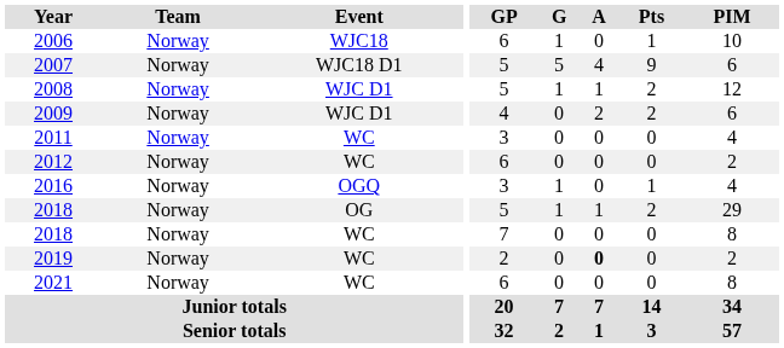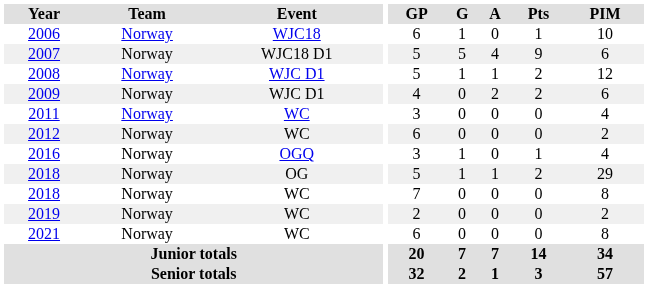 <table border="0" cellpadding="1" cellspacing="0" ID="Table3" style="text-align:center; width:40em">
 <tr ALIGN="center" bgcolor="#e0e0e0">
 <th>Year</th>
 <th>Team</th>
 <th>Event</th>
 <th rowspan="99" bgcolor="#ffffff"></th>
 <th>GP</th>
 <th>G</th>
 <th>A</th>
 <th>Pts</th>
 <th>PIM</th>
 </tr>
 <tr>
 <td><a href='#'>2006</a></td>
 <td><a href='#'>Norway</a></td>
 <td><a href='#'>WJC18</a></td>
 <td>6</td>
 <td>1</td>
 <td>0</td>
 <td>1</td>
 <td>10</td>
 </tr>
 <tr bgcolor="#f0f0f0">
 <td><a href='#'>2007</a></td>
 <td>Norway</td>
 <td>WJC18 D1</td>
 <td>5</td>
 <td>5</td>
 <td>4</td>
 <td>9</td>
 <td>6</td>
 </tr>
 <tr>
 <td><a href='#'>2008</a></td>
 <td><a href='#'>Norway</a></td>
 <td><a href='#'>WJC D1</a></td>
 <td>5</td>
 <td>1</td>
 <td>1</td>
 <td>2</td>
 <td>12</td>
 </tr>
 <tr bgcolor="#f0f0f0">
 <td><a href='#'>2009</a></td>
 <td>Norway</td>
 <td>WJC D1</td>
 <td>4</td>
 <td>0</td>
 <td>2</td>
 <td>2</td>
 <td>6</td>
 </tr>
 <tr>
 <td><a href='#'>2011</a></td>
 <td><a href='#'>Norway</a></td>
 <td><a href='#'>WC</a></td>
 <td>3</td>
 <td>0</td>
 <td>0</td>
 <td>0</td>
 <td>4</td>
 </tr>
 <tr bgcolor="#f0f0f0">
 <td><a href='#'>2012</a></td>
 <td>Norway</td>
 <td>WC</td>
 <td>6</td>
 <td>0</td>
 <td>0</td>
 <td>0</td>
 <td>2</td>
 </tr>
 <tr>
 <td><a href='#'>2016</a></td>
 <td>Norway</td>
 <td><a href='#'>OGQ</a></td>
 <td>3</td>
 <td>1</td>
 <td>0</td>
 <td>1</td>
 <td>4</td>
 </tr>
 <tr bgcolor="#f0f0f0">
 <td><a href='#'>2018</a></td>
 <td>Norway</td>
 <td>OG</td>
 <td>5</td>
 <td>1</td>
 <td>1</td>
 <td>2</td>
 <td>29</td>
 </tr>
 <tr>
 <td><a href='#'>2018</a></td>
 <td>Norway</td>
 <td>WC</td>
 <td>7</td>
 <td>0</td>
 <td>0</td>
 <td>0</td>
 <td>8</td>
 </tr>
 <tr bgcolor="#f0f0f0">
 <td><a href='#'>2019</a></td>
 <td>Norway</td>
 <td>WC</td>
 <td>2</td>
 <td>0</td>
-<td><strong>0</strong></td>
+<td>0</td>
 <td>0</td>
 <td>2</td>
 </tr>
 <tr>
 <td><a href='#'>2021</a></td>
 <td>Norway</td>
 <td>WC</td>
 <td>6</td>
 <td>0</td>
 <td>0</td>
 <td>0</td>
 <td>8</td>
 </tr>
 <tr bgcolor="#e0e0e0">
 <th colspan="3">Junior totals</th>
 <th>20</th>
 <th>7</th>
 <th>7</th>
 <th>14</th>
 <th>34</th>
 </tr>
 <tr bgcolor="#e0e0e0">
 <th colspan="3">Senior totals</th>
 <th>32</th>
 <th>2</th>
 <th>1</th>
 <th>3</th>
 <th>57</th>
 </tr>
 </table>
